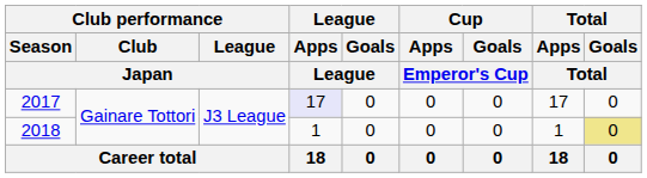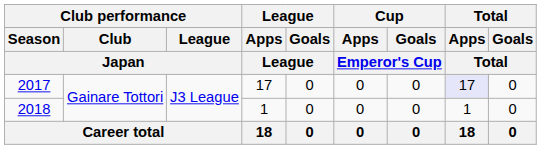 <table class="wikitable" style="text-align:center">
 <tr>
 <th colspan=3>Club performance</th>
 <th colspan=2>League</th>
 <th colspan=2>Cup</th>
 <th colspan=2>Total</th>
 </tr>
 <tr>
 <th>Season</th>
 <th>Club</th>
 <th>League</th>
 <th>Apps</th>
 <th>Goals</th>
 <th>Apps</th>
 <th>Goals</th>
 <th>Apps</th>
 <th>Goals</th>
 </tr>
 <tr>
 <th colspan=3>Japan</th>
 <th colspan=2>League</th>
 <th colspan=2><a href='#'>Emperor's Cup</a></th>
 <th colspan=2>Total</th>
 </tr>
 <tr>
 <td><a href='#'>2017</a></td>
 <td rowspan="2"><a href='#'>Gainare Tottori</a></td>
 <td rowspan="2"><a href='#'>J3 League</a></td>
-<td style="background: lavender;">17</td>
+<td>17</td>
 <td>0</td>
 <td>0</td>
 <td>0</td>
-<td>17</td>
+<td style="background: lavender;">17</td>
 <td>0</td>
 </tr>
 <tr>
 <td><a href='#'>2018</a></td>
 <td>1</td>
 <td>0</td>
 <td>0</td>
 <td>0</td>
 <td>1</td>
-<td style="background: khaki;">0</td>
+<td>0</td>
 </tr>
 <tr>
 <th colspan=3>Career total</th>
 <th>18</th>
 <th>0</th>
 <th>0</th>
 <th>0</th>
 <th>18</th>
 <th>0</th>
 </tr>
 </table>
